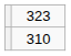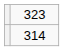 <table class="wikitable">
 <tr>
 <th></th>
 <td style="padding-left: 1em; padding-right: 1em">323</td>
 </tr>
 <tr>
 <th></th>
-<td style="padding-left: 1em; padding-right: 1em">310</td>
+<td style="padding-left: 1em; padding-right: 1em">314</td>
 </tr>
 </table>
